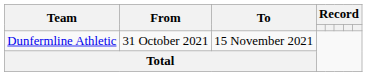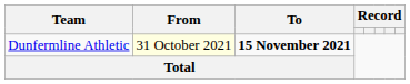 <table class=wikitable style="text-align: center">
 <tr>
 <th rowspan=2>Team</th>
 <th rowspan=2>From</th>
 <th rowspan=2>To</th>
 <th colspan=5>Record</th>
 </tr>
 <tr>
 <th></th>
 <th></th>
 <th></th>
 <th></th>
 <th></th>
 </tr>
 <tr>
 <td align=left><a href='#'>Dunfermline Athletic</a></td>
-<td align=left>31 October 2021</td>
-<td align=left>15 November 2021<br></td>
+<td align=left style="background: lightyellow;">31 October 2021</td>
+<td align=left><strong>15 November 2021<br></strong></td>
 </tr>
 <tr>
 <th colspan=3>Total<br></th>
 </tr>
 </table>
